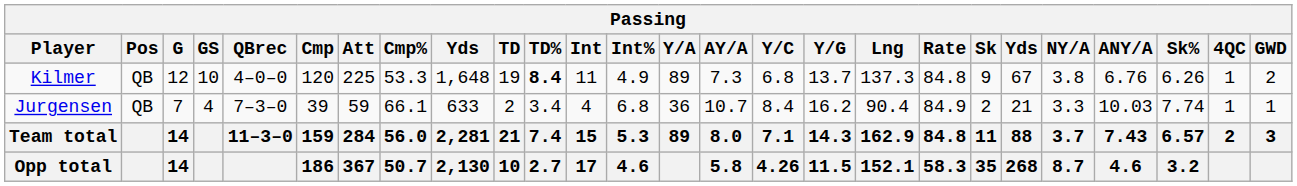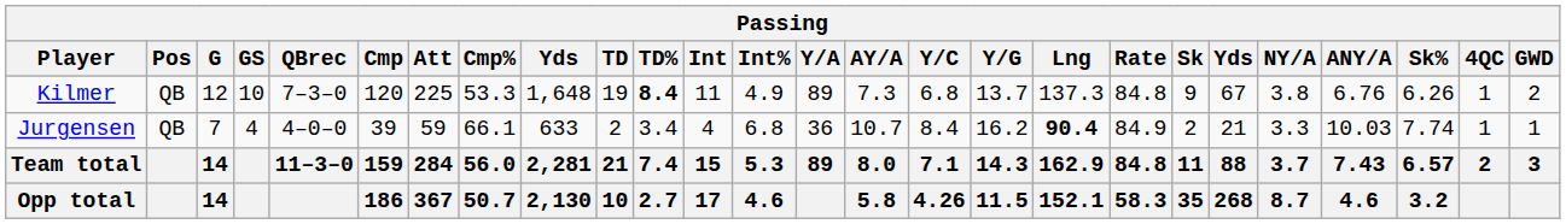 <table class="wikitable" style="text-align:center">
 <tr>
 <th colspan="26">Passing</th>
 </tr>
 <tr>
 <th>Player</th>
 <th>Pos</th>
 <th>G</th>
 <th>GS</th>
 <th>QBrec</th>
 <th>Cmp</th>
 <th>Att</th>
 <th>Cmp%</th>
 <th>Yds</th>
 <th>TD</th>
 <th>TD%</th>
 <th>Int</th>
 <th>Int%</th>
 <th>Y/A</th>
 <th>AY/A</th>
 <th>Y/C</th>
 <th>Y/G</th>
 <th>Lng</th>
 <th>Rate</th>
 <th>Sk</th>
 <th>Yds</th>
 <th>NY/A</th>
 <th>ANY/A</th>
 <th>Sk%</th>
 <th>4QC</th>
 <th>GWD</th>
 </tr>
 <tr>
 <td><a href='#'>Kilmer</a></td>
 <td>QB</td>
 <td>12</td>
 <td>10</td>
-<td>4–0–0</td>
+<td>7–3–0</td>
 <td>120</td>
 <td>225</td>
 <td>53.3</td>
 <td>1,648</td>
 <td>19</td>
 <td><strong>8.4</strong></td>
 <td>11</td>
 <td>4.9</td>
 <td>89</td>
 <td>7.3</td>
 <td>6.8</td>
 <td>13.7</td>
 <td>137.3</td>
 <td>84.8</td>
 <td>9</td>
 <td>67</td>
 <td>3.8</td>
 <td>6.76</td>
 <td>6.26</td>
 <td>1</td>
 <td>2</td>
 </tr>
 <tr>
 <td><a href='#'>Jurgensen</a></td>
 <td>QB</td>
 <td>7</td>
 <td>4</td>
-<td>7–3–0</td>
+<td>4–0–0</td>
 <td>39</td>
 <td>59</td>
 <td>66.1</td>
 <td>633</td>
 <td>2</td>
 <td>3.4</td>
 <td>4</td>
 <td>6.8</td>
 <td>36</td>
 <td>10.7</td>
 <td>8.4</td>
 <td>16.2</td>
-<td>90.4</td>
+<td><strong>90.4</strong></td>
 <td>84.9</td>
 <td>2</td>
 <td>21</td>
 <td>3.3</td>
 <td>10.03</td>
 <td>7.74</td>
 <td>1</td>
 <td>1</td>
 </tr>
 <tr>
 <th>Team total</th>
 <th></th>
 <th>14</th>
 <th></th>
 <th>11–3–0</th>
 <th>159</th>
 <th>284</th>
 <th>56.0</th>
 <th>2,281</th>
 <th>21</th>
 <th>7.4</th>
 <th>15</th>
 <th>5.3</th>
 <th>89</th>
 <th>8.0</th>
 <th>7.1</th>
 <th>14.3</th>
 <th>162.9</th>
 <th>84.8</th>
 <th>11</th>
 <th>88</th>
 <th>3.7</th>
 <th>7.43</th>
 <th>6.57</th>
 <th>2</th>
 <th>3</th>
 </tr>
 <tr>
 <th>Opp total</th>
 <th></th>
 <th>14</th>
 <th></th>
 <th></th>
 <th>186</th>
 <th>367</th>
 <th>50.7</th>
 <th>2,130</th>
 <th>10</th>
 <th>2.7</th>
 <th>17</th>
 <th>4.6</th>
 <th></th>
 <th>5.8</th>
 <th>4.26</th>
 <th>11.5</th>
 <th>152.1</th>
 <th>58.3</th>
 <th>35</th>
 <th>268</th>
 <th>8.7</th>
 <th>4.6</th>
 <th>3.2</th>
 <th></th>
 <th></th>
 </tr>
 </table>
